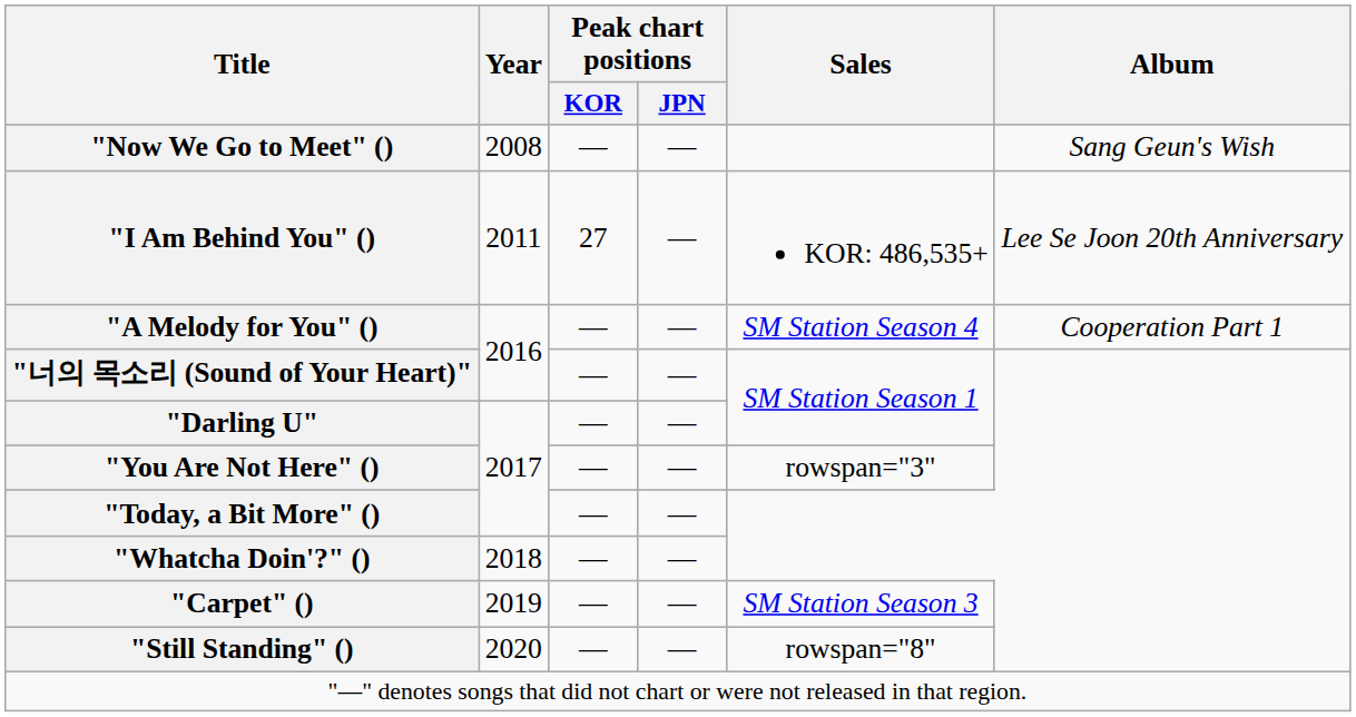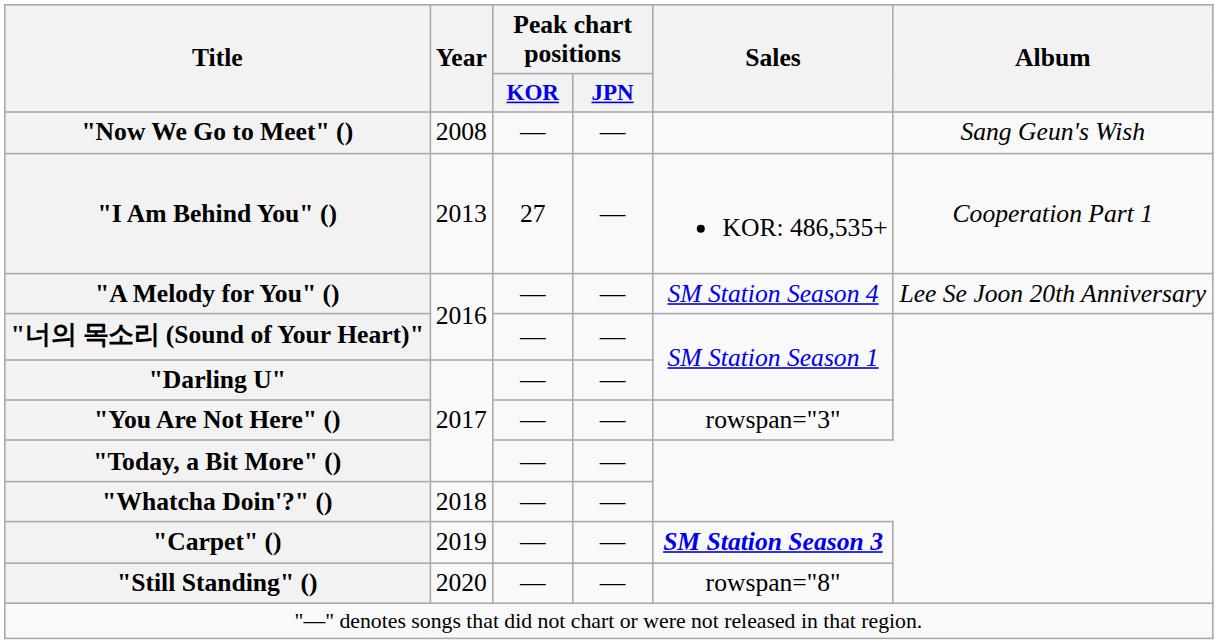 <table class="wikitable plainrowheaders" style="text-align:center;">
 <tr>
 <th rowspan=2>Title</th>
 <th rowspan=2>Year</th>
 <th colspan=2>Peak chart positions</th>
 <th rowspan=2>Sales</th>
 <th rowspan=2>Album</th>
 </tr>
 <tr>
 <th scope="col" style="width:3em;font-size:90%;"><a href='#'>KOR</a><br></th>
 <th scope="col" style="width:3em;font-size:90%;"><a href='#'>JPN</a></th>
 </tr>
 <tr>
 <th scope=row>"Now We Go to Meet" ()<br></th>
 <td>2008</td>
 <td>—</td>
 <td>—</td>
 <td></td>
 <td><em>Sang Geun's Wish</em></td>
 </tr>
 <tr>
 <th scope=row>"I Am Behind You" ()<br></th>
-<td>2011</td>
+<td>2013</td>
 <td>27</td>
 <td>—</td>
 <td><br><ul><li>KOR: 486,535+ </li></ul></td>
-<td><em>Lee Se Joon 20th Anniversary</em></td>
+<td><em>Cooperation Part 1</em></td>
 </tr>
 <tr>
 <th scope=row>"A Melody for You" ()<br></th>
 <td rowspan="2">2016</td>
 <td>—</td>
 <td>—</td>
 <td><em><a href='#'>SM Station Season 4</a></em></td>
-<td><em>Cooperation Part 1</em></td>
+<td><em>Lee Se Joon 20th Anniversary</em></td>
 </tr>
 <tr>
 <th scope=row>"너의 목소리 (Sound of Your Heart)"<br></th>
 <td>—</td>
 <td>—</td>
 <td rowspan="2"><em><a href='#'>SM Station Season 1</a></em></td>
 </tr>
 <tr>
 <th scope=row>"Darling U"<br></th>
 <td rowspan="3">2017</td>
 <td>—</td>
 <td>—</td>
 </tr>
 <tr>
 <th scope=row>"You Are Not Here" ()<br></th>
 <td>—</td>
 <td>—</td>
 <td>rowspan="3" </td>
 </tr>
 <tr>
 <th scope=row>"Today, a Bit More" ()<br></th>
 <td>—</td>
 <td>—</td>
 </tr>
 <tr>
 <th scope=row>"Whatcha Doin'?" ()<br></th>
 <td>2018</td>
 <td>—</td>
 <td>—</td>
 </tr>
 <tr>
 <th scope=row>"Carpet" ()<br></th>
 <td>2019</td>
 <td>—</td>
 <td>—</td>
-<td><em><a href='#'>SM Station Season 3</a></em></td>
+<td><strong><em><a href='#'>SM Station Season 3</a></em></strong></td>
 </tr>
 <tr>
 <th scope=row>"Still Standing" ()<br></th>
 <td>2020</td>
 <td>—</td>
 <td>—</td>
 <td>rowspan="8" </td>
 </tr>
 <tr>
 <td colspan="7" style="font-size:85%;">"—" denotes songs that did not chart or were not released in that region.</td>
 </tr>
 </table>
